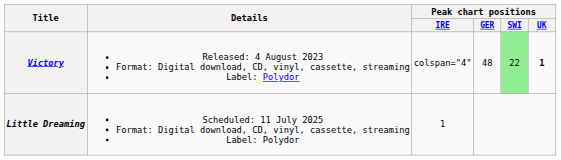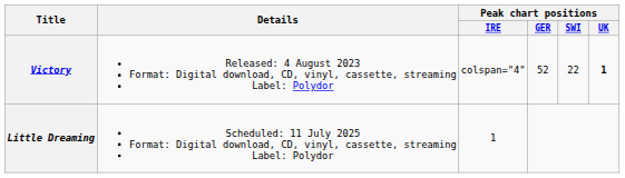 <table class="wikitable plainrowheaders" style="text-align:center;">
 <tr>
 <th scope="col" rowspan="2">Title</th>
 <th scope="col" rowspan="2">Details</th>
 <th scope="col" colspan="4">Peak chart positions</th>
 </tr>
 <tr>
 <th scope="col" style="width:3em; font-size:90%"><a href='#'>IRE</a><br></th>
 <th scope="col" style="width:3em; font-size:90%"><a href='#'>GER</a><br></th>
 <th scope="col" style="width:3em; font-size:90%"><a href='#'>SWI</a><br></th>
 <th scope="col" style="width:3em; font-size:90%"><a href='#'>UK</a><br></th>
 </tr>
 <tr>
 <th scope="row"><em><a href='#'>Victory</a></em></th>
 <td><br><ul><li>Released: 4 August 2023</li><li>Format: Digital download, CD, vinyl, cassette, streaming</li><li>Label: <a href='#'>Polydor</a></li></ul></td>
 <td>colspan="4" </td>
-<td>48</td>
-<td style="background: lightgreen;">22</td>
+<td>52</td>
+<td>22</td>
 <td><strong>1</strong></td>
 </tr>
 <tr>
 <th scope="row"><em>Little Dreaming</em></th>
 <td><br><ul><li>Scheduled: 11 July 2025</li><li>Format: Digital download, CD, vinyl, cassette, streaming</li><li>Label: Polydor</li></ul></td>
 <td>1</td>
 </tr>
 </table>
